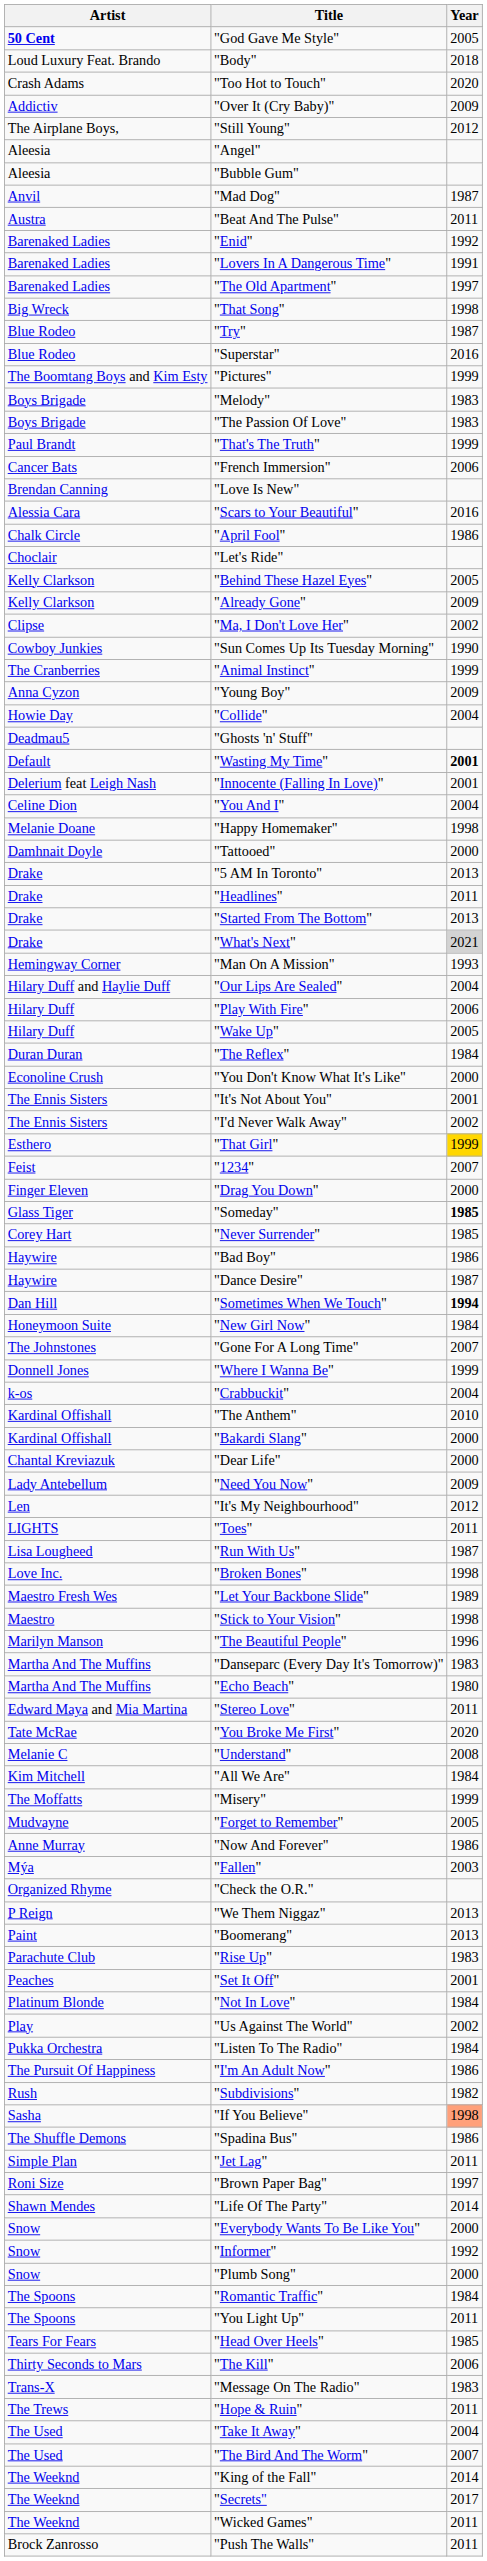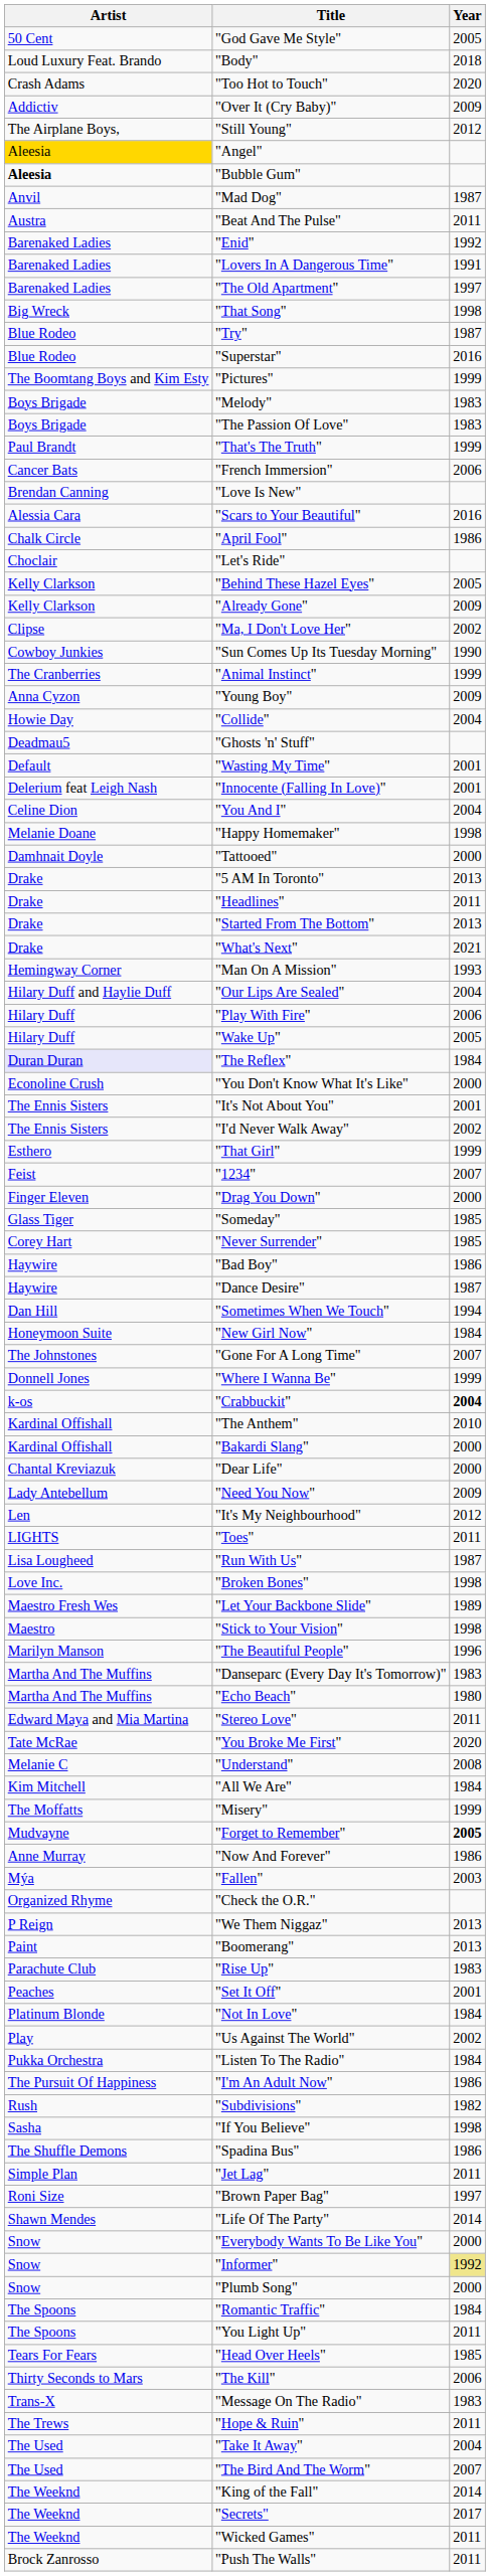 <table class="wikitable sortable">
 <tr>
 <th>Artist</th>
 <th>Title</th>
 <th>Year</th>
 </tr>
 <tr>
-<td><strong><a href='#'>50 Cent</a></strong></td>
+<td><a href='#'>50 Cent</a></td>
 <td>"God Gave Me Style"</td>
 <td>2005</td>
 </tr>
 <tr>
 <td>Loud Luxury Feat. Brando</td>
 <td>"Body"</td>
 <td>2018</td>
 </tr>
 <tr>
 <td>Crash Adams</td>
 <td>"Too Hot to Touch"</td>
 <td>2020</td>
 </tr>
 <tr>
 <td><a href='#'>Addictiv</a></td>
 <td>"Over It (Cry Baby)"</td>
 <td>2009</td>
 </tr>
 <tr>
 <td>The Airplane Boys,</td>
 <td>"Still Young"</td>
 <td>2012</td>
 </tr>
 <tr>
-<td>Aleesia</td>
+<td style="background: gold;">Aleesia</td>
 <td>"Angel"</td>
 <td></td>
 </tr>
 <tr>
-<td>Aleesia</td>
+<td><strong>Aleesia</strong></td>
 <td>"Bubble Gum"</td>
 <td></td>
 </tr>
 <tr>
 <td><a href='#'>Anvil</a></td>
 <td>"Mad Dog"</td>
 <td>1987</td>
 </tr>
 <tr>
 <td><a href='#'>Austra</a></td>
 <td>"Beat And The Pulse"</td>
 <td>2011</td>
 </tr>
 <tr>
 <td><a href='#'>Barenaked Ladies</a></td>
 <td>"<a href='#'>Enid</a>"</td>
 <td>1992</td>
 </tr>
 <tr>
 <td><a href='#'>Barenaked Ladies</a></td>
 <td>"<a href='#'>Lovers In A Dangerous Time</a>"</td>
 <td>1991</td>
 </tr>
 <tr>
 <td><a href='#'>Barenaked Ladies</a></td>
 <td>"<a href='#'>The Old Apartment</a>"</td>
 <td>1997</td>
 </tr>
 <tr>
 <td><a href='#'>Big Wreck</a></td>
 <td>"<a href='#'>That Song</a>"</td>
 <td>1998</td>
 </tr>
 <tr>
 <td><a href='#'>Blue Rodeo</a></td>
 <td>"<a href='#'>Try</a>"</td>
 <td>1987</td>
 </tr>
 <tr>
 <td><a href='#'>Blue Rodeo</a></td>
 <td>"Superstar"</td>
 <td>2016</td>
 </tr>
 <tr>
 <td><a href='#'>The Boomtang Boys</a> and <a href='#'>Kim Esty</a></td>
 <td>"Pictures"</td>
 <td>1999</td>
 </tr>
 <tr>
 <td><a href='#'>Boys Brigade</a></td>
 <td>"Melody"</td>
 <td>1983</td>
 </tr>
 <tr>
 <td><a href='#'>Boys Brigade</a></td>
 <td>"The Passion Of Love"</td>
 <td>1983</td>
 </tr>
 <tr>
 <td><a href='#'>Paul Brandt</a></td>
 <td>"<a href='#'>That's The Truth</a>"</td>
 <td>1999</td>
 </tr>
 <tr>
 <td><a href='#'>Cancer Bats</a></td>
 <td>"French Immersion"</td>
 <td>2006</td>
 </tr>
 <tr>
 <td><a href='#'>Brendan Canning</a></td>
 <td>"Love Is New"</td>
 <td></td>
 </tr>
 <tr>
 <td><a href='#'>Alessia Cara</a></td>
 <td>"<a href='#'>Scars to Your Beautiful</a>"</td>
 <td>2016</td>
 </tr>
 <tr>
 <td><a href='#'>Chalk Circle</a></td>
 <td>"<a href='#'>April Fool</a>"</td>
 <td>1986</td>
 </tr>
 <tr>
 <td><a href='#'>Choclair</a></td>
 <td>"Let's Ride"</td>
 <td></td>
 </tr>
 <tr>
 <td><a href='#'>Kelly Clarkson</a></td>
 <td>"<a href='#'>Behind These Hazel Eyes</a>"</td>
 <td>2005</td>
 </tr>
 <tr>
 <td><a href='#'>Kelly Clarkson</a></td>
 <td>"<a href='#'>Already Gone</a>"</td>
 <td>2009</td>
 </tr>
 <tr>
 <td><a href='#'>Clipse</a></td>
 <td>"<a href='#'>Ma, I Don't Love Her</a>"</td>
 <td>2002</td>
 </tr>
 <tr>
 <td><a href='#'>Cowboy Junkies</a></td>
 <td>"Sun Comes Up Its Tuesday Morning"</td>
 <td>1990</td>
 </tr>
 <tr>
 <td><a href='#'>The Cranberries</a></td>
 <td>"<a href='#'>Animal Instinct</a>"</td>
 <td>1999</td>
 </tr>
 <tr>
 <td><a href='#'>Anna Cyzon</a></td>
 <td>"Young Boy"</td>
 <td>2009</td>
 </tr>
 <tr>
 <td><a href='#'>Howie Day</a></td>
 <td>"<a href='#'>Collide</a>"</td>
 <td>2004</td>
 </tr>
 <tr>
 <td><a href='#'>Deadmau5</a></td>
 <td>"Ghosts 'n' Stuff"</td>
 <td></td>
 </tr>
 <tr>
 <td><a href='#'>Default</a></td>
 <td>"<a href='#'>Wasting My Time</a>"</td>
-<td><strong>2001</strong></td>
+<td>2001</td>
 </tr>
 <tr>
 <td><a href='#'>Delerium</a> feat <a href='#'>Leigh Nash</a></td>
 <td>"<a href='#'>Innocente (Falling In Love)</a>"</td>
 <td>2001</td>
 </tr>
 <tr>
 <td><a href='#'>Celine Dion</a></td>
 <td>"<a href='#'>You And I</a>"</td>
 <td>2004</td>
 </tr>
 <tr>
 <td><a href='#'>Melanie Doane</a></td>
 <td>"Happy Homemaker"</td>
 <td>1998</td>
 </tr>
 <tr>
 <td><a href='#'>Damhnait Doyle</a></td>
 <td>"Tattooed"</td>
 <td>2000</td>
 </tr>
 <tr>
 <td><a href='#'>Drake</a></td>
 <td>"5 AM In Toronto"</td>
 <td>2013</td>
 </tr>
 <tr>
 <td><a href='#'>Drake</a></td>
 <td>"<a href='#'>Headlines</a>"</td>
 <td>2011</td>
 </tr>
 <tr>
 <td><a href='#'>Drake</a></td>
 <td>"<a href='#'>Started From The Bottom</a>"</td>
 <td>2013</td>
 </tr>
 <tr>
 <td><a href='#'>Drake</a></td>
 <td>"<a href='#'>What's Next</a>"</td>
-<td style="background: lightgrey;">2021</td>
+<td>2021</td>
 </tr>
 <tr>
 <td><a href='#'>Hemingway Corner</a></td>
 <td>"Man On A Mission"</td>
 <td>1993</td>
 </tr>
 <tr>
 <td><a href='#'>Hilary Duff</a> and <a href='#'>Haylie Duff</a></td>
 <td>"<a href='#'>Our Lips Are Sealed</a>"</td>
 <td>2004</td>
 </tr>
 <tr>
 <td><a href='#'>Hilary Duff</a></td>
 <td>"<a href='#'>Play With Fire</a>"</td>
 <td>2006</td>
 </tr>
 <tr>
 <td><a href='#'>Hilary Duff</a></td>
 <td>"<a href='#'>Wake Up</a>"</td>
 <td>2005</td>
 </tr>
 <tr>
-<td><a href='#'>Duran Duran</a></td>
+<td style="background: lavender;"><a href='#'>Duran Duran</a></td>
 <td>"<a href='#'>The Reflex</a>"</td>
 <td>1984</td>
 </tr>
 <tr>
 <td><a href='#'>Econoline Crush</a></td>
 <td>"You Don't Know What It's Like"</td>
 <td>2000</td>
 </tr>
 <tr>
 <td><a href='#'>The Ennis Sisters</a></td>
 <td>"It's Not About You"</td>
 <td>2001</td>
 </tr>
 <tr>
 <td><a href='#'>The Ennis Sisters</a></td>
 <td>"I'd Never Walk Away"</td>
 <td>2002</td>
 </tr>
 <tr>
 <td><a href='#'>Esthero</a></td>
 <td>"<a href='#'>That Girl</a>"</td>
-<td style="background: gold;">1999</td>
+<td>1999</td>
 </tr>
 <tr>
 <td><a href='#'>Feist</a></td>
 <td>"<a href='#'>1234</a>"</td>
 <td>2007</td>
 </tr>
 <tr>
 <td><a href='#'>Finger Eleven</a></td>
 <td>"<a href='#'>Drag You Down</a>"</td>
 <td>2000</td>
 </tr>
 <tr>
 <td><a href='#'>Glass Tiger</a></td>
 <td>"Someday"</td>
-<td><strong>1985</strong></td>
+<td>1985</td>
 </tr>
 <tr>
 <td><a href='#'>Corey Hart</a></td>
 <td>"<a href='#'>Never Surrender</a>"</td>
 <td>1985</td>
 </tr>
 <tr>
 <td><a href='#'>Haywire</a></td>
 <td>"Bad Boy"</td>
 <td>1986</td>
 </tr>
 <tr>
 <td><a href='#'>Haywire</a></td>
 <td>"Dance Desire"</td>
 <td>1987</td>
 </tr>
 <tr>
 <td><a href='#'>Dan Hill</a></td>
 <td>"<a href='#'>Sometimes When We Touch</a>"</td>
-<td><strong>1994</strong></td>
+<td>1994</td>
 </tr>
 <tr>
 <td><a href='#'>Honeymoon Suite</a></td>
 <td>"<a href='#'>New Girl Now</a>"</td>
 <td>1984</td>
 </tr>
 <tr>
 <td><a href='#'>The Johnstones</a></td>
 <td>"Gone For A Long Time"</td>
 <td>2007</td>
 </tr>
 <tr>
 <td><a href='#'>Donnell Jones</a></td>
 <td>"<a href='#'>Where I Wanna Be</a>"</td>
 <td>1999</td>
 </tr>
 <tr>
 <td><a href='#'>k-os</a></td>
 <td>"<a href='#'>Crabbuckit</a>"</td>
-<td>2004</td>
+<td><strong>2004</strong></td>
 </tr>
 <tr>
 <td><a href='#'>Kardinal Offishall</a></td>
 <td>"The Anthem"</td>
 <td>2010</td>
 </tr>
 <tr>
 <td><a href='#'>Kardinal Offishall</a></td>
 <td>"<a href='#'>Bakardi Slang</a>"</td>
 <td>2000</td>
 </tr>
 <tr>
 <td><a href='#'>Chantal Kreviazuk</a></td>
 <td>"Dear Life"</td>
 <td>2000</td>
 </tr>
 <tr>
 <td><a href='#'>Lady Antebellum</a></td>
 <td>"<a href='#'>Need You Now</a>"</td>
 <td>2009</td>
 </tr>
 <tr>
 <td><a href='#'>Len</a></td>
 <td>"It's My Neighbourhood"</td>
 <td>2012</td>
 </tr>
 <tr>
 <td><a href='#'>LIGHTS</a></td>
 <td>"<a href='#'>Toes</a>"</td>
 <td>2011</td>
 </tr>
 <tr>
 <td><a href='#'>Lisa Lougheed</a></td>
 <td>"<a href='#'>Run With Us</a>"</td>
 <td>1987</td>
 </tr>
 <tr>
 <td><a href='#'>Love Inc.</a></td>
 <td>"<a href='#'>Broken Bones</a>"</td>
 <td>1998</td>
 </tr>
 <tr>
 <td><a href='#'>Maestro Fresh Wes</a></td>
 <td>"<a href='#'>Let Your Backbone Slide</a>"</td>
 <td>1989</td>
 </tr>
 <tr>
 <td><a href='#'>Maestro</a></td>
 <td>"<a href='#'>Stick to Your Vision</a>"</td>
 <td>1998</td>
 </tr>
 <tr>
 <td><a href='#'>Marilyn Manson</a></td>
 <td>"<a href='#'>The Beautiful People</a>"</td>
 <td>1996</td>
 </tr>
 <tr>
 <td><a href='#'>Martha And The Muffins</a></td>
 <td>"Danseparc (Every Day It's Tomorrow)"</td>
 <td>1983</td>
 </tr>
 <tr>
 <td><a href='#'>Martha And The Muffins</a></td>
 <td>"<a href='#'>Echo Beach</a>"</td>
 <td>1980</td>
 </tr>
 <tr>
 <td><a href='#'>Edward Maya</a> and <a href='#'>Mia Martina</a></td>
 <td>"<a href='#'>Stereo Love</a>"</td>
 <td>2011</td>
 </tr>
 <tr>
 <td><a href='#'>Tate McRae</a></td>
 <td>"<a href='#'>You Broke Me First</a>"</td>
 <td>2020</td>
 </tr>
 <tr>
 <td><a href='#'>Melanie C</a></td>
 <td>"<a href='#'>Understand</a>"</td>
 <td>2008</td>
 </tr>
 <tr>
 <td><a href='#'>Kim Mitchell</a></td>
 <td>"All We Are"</td>
 <td>1984</td>
 </tr>
 <tr>
 <td><a href='#'>The Moffatts</a></td>
 <td>"Misery"</td>
 <td>1999</td>
 </tr>
 <tr>
 <td><a href='#'>Mudvayne</a></td>
 <td>"<a href='#'>Forget to Remember</a>"</td>
-<td>2005</td>
+<td><strong>2005</strong></td>
 </tr>
 <tr>
 <td><a href='#'>Anne Murray</a></td>
 <td>"Now And Forever"</td>
 <td>1986</td>
 </tr>
 <tr>
 <td><a href='#'>Mýa</a></td>
 <td>"<a href='#'>Fallen</a>"</td>
 <td>2003</td>
 </tr>
 <tr>
 <td><a href='#'>Organized Rhyme</a></td>
 <td>"Check the O.R."</td>
 <td></td>
 </tr>
 <tr>
 <td><a href='#'>P Reign</a></td>
 <td>"We Them Niggaz"</td>
 <td>2013</td>
 </tr>
 <tr>
 <td><a href='#'>Paint</a></td>
 <td>"Boomerang"</td>
 <td>2013</td>
 </tr>
 <tr>
 <td><a href='#'>Parachute Club</a></td>
 <td>"<a href='#'>Rise Up</a>"</td>
 <td>1983</td>
 </tr>
 <tr>
 <td><a href='#'>Peaches</a></td>
 <td>"<a href='#'>Set It Off</a>"</td>
 <td>2001</td>
 </tr>
 <tr>
 <td><a href='#'>Platinum Blonde</a></td>
 <td>"<a href='#'>Not In Love</a>"</td>
 <td>1984</td>
 </tr>
 <tr>
 <td><a href='#'>Play</a></td>
 <td>"Us Against The World"</td>
 <td>2002</td>
 </tr>
 <tr>
 <td><a href='#'>Pukka Orchestra</a></td>
 <td>"Listen To The Radio"</td>
 <td>1984</td>
 </tr>
 <tr>
 <td><a href='#'>The Pursuit Of Happiness</a></td>
 <td>"<a href='#'>I'm An Adult Now</a>"</td>
 <td>1986</td>
 </tr>
 <tr>
 <td><a href='#'>Rush</a></td>
 <td>"<a href='#'>Subdivisions</a>"</td>
 <td>1982</td>
 </tr>
 <tr>
 <td><a href='#'>Sasha</a></td>
 <td>"If You Believe"</td>
-<td style="background: lightsalmon;">1998</td>
+<td>1998</td>
 </tr>
 <tr>
 <td><a href='#'>The Shuffle Demons</a></td>
 <td>"Spadina Bus"</td>
 <td>1986</td>
 </tr>
 <tr>
 <td><a href='#'>Simple Plan</a></td>
 <td>"<a href='#'>Jet Lag</a>"</td>
 <td>2011</td>
 </tr>
 <tr>
 <td><a href='#'>Roni Size</a></td>
 <td>"Brown Paper Bag"</td>
 <td>1997</td>
 </tr>
 <tr>
 <td><a href='#'>Shawn Mendes</a></td>
 <td>"Life Of The Party"</td>
 <td>2014</td>
 </tr>
 <tr>
 <td><a href='#'>Snow</a></td>
 <td>"<a href='#'>Everybody Wants To Be Like You</a>"</td>
 <td>2000</td>
 </tr>
 <tr>
 <td><a href='#'>Snow</a></td>
 <td>"<a href='#'>Informer</a>"</td>
-<td>1992</td>
+<td style="background: khaki;">1992</td>
 </tr>
 <tr>
 <td><a href='#'>Snow</a></td>
 <td>"Plumb Song"</td>
 <td>2000</td>
 </tr>
 <tr>
 <td><a href='#'>The Spoons</a></td>
 <td>"<a href='#'>Romantic Traffic</a>"</td>
 <td>1984</td>
 </tr>
 <tr>
 <td><a href='#'>The Spoons</a></td>
 <td>"You Light Up"</td>
 <td>2011</td>
 </tr>
 <tr>
 <td><a href='#'>Tears For Fears</a></td>
 <td>"<a href='#'>Head Over Heels</a>"</td>
 <td>1985</td>
 </tr>
 <tr>
 <td><a href='#'>Thirty Seconds to Mars</a></td>
 <td>"<a href='#'>The Kill</a>"</td>
 <td>2006</td>
 </tr>
 <tr>
 <td><a href='#'>Trans-X</a></td>
 <td>"Message On The Radio"</td>
 <td>1983</td>
 </tr>
 <tr>
 <td><a href='#'>The Trews</a></td>
 <td>"<a href='#'>Hope & Ruin</a>"</td>
 <td>2011</td>
 </tr>
 <tr>
 <td><a href='#'>The Used</a></td>
 <td>"<a href='#'>Take It Away</a>"</td>
 <td>2004</td>
 </tr>
 <tr>
 <td><a href='#'>The Used</a></td>
 <td>"<a href='#'>The Bird And The Worm</a>"</td>
 <td>2007</td>
 </tr>
 <tr>
 <td><a href='#'>The Weeknd</a></td>
 <td>"King of the Fall"</td>
 <td>2014</td>
 </tr>
 <tr>
 <td><a href='#'>The Weeknd</a></td>
 <td>"<a href='#'>Secrets"</a></td>
 <td>2017</td>
 </tr>
 <tr>
 <td><a href='#'>The Weeknd</a></td>
 <td>"Wicked Games"</td>
 <td>2011</td>
 </tr>
 <tr>
 <td>Brock Zanrosso</td>
 <td>"Push The Walls"</td>
 <td>2011</td>
 </tr>
 </table>
